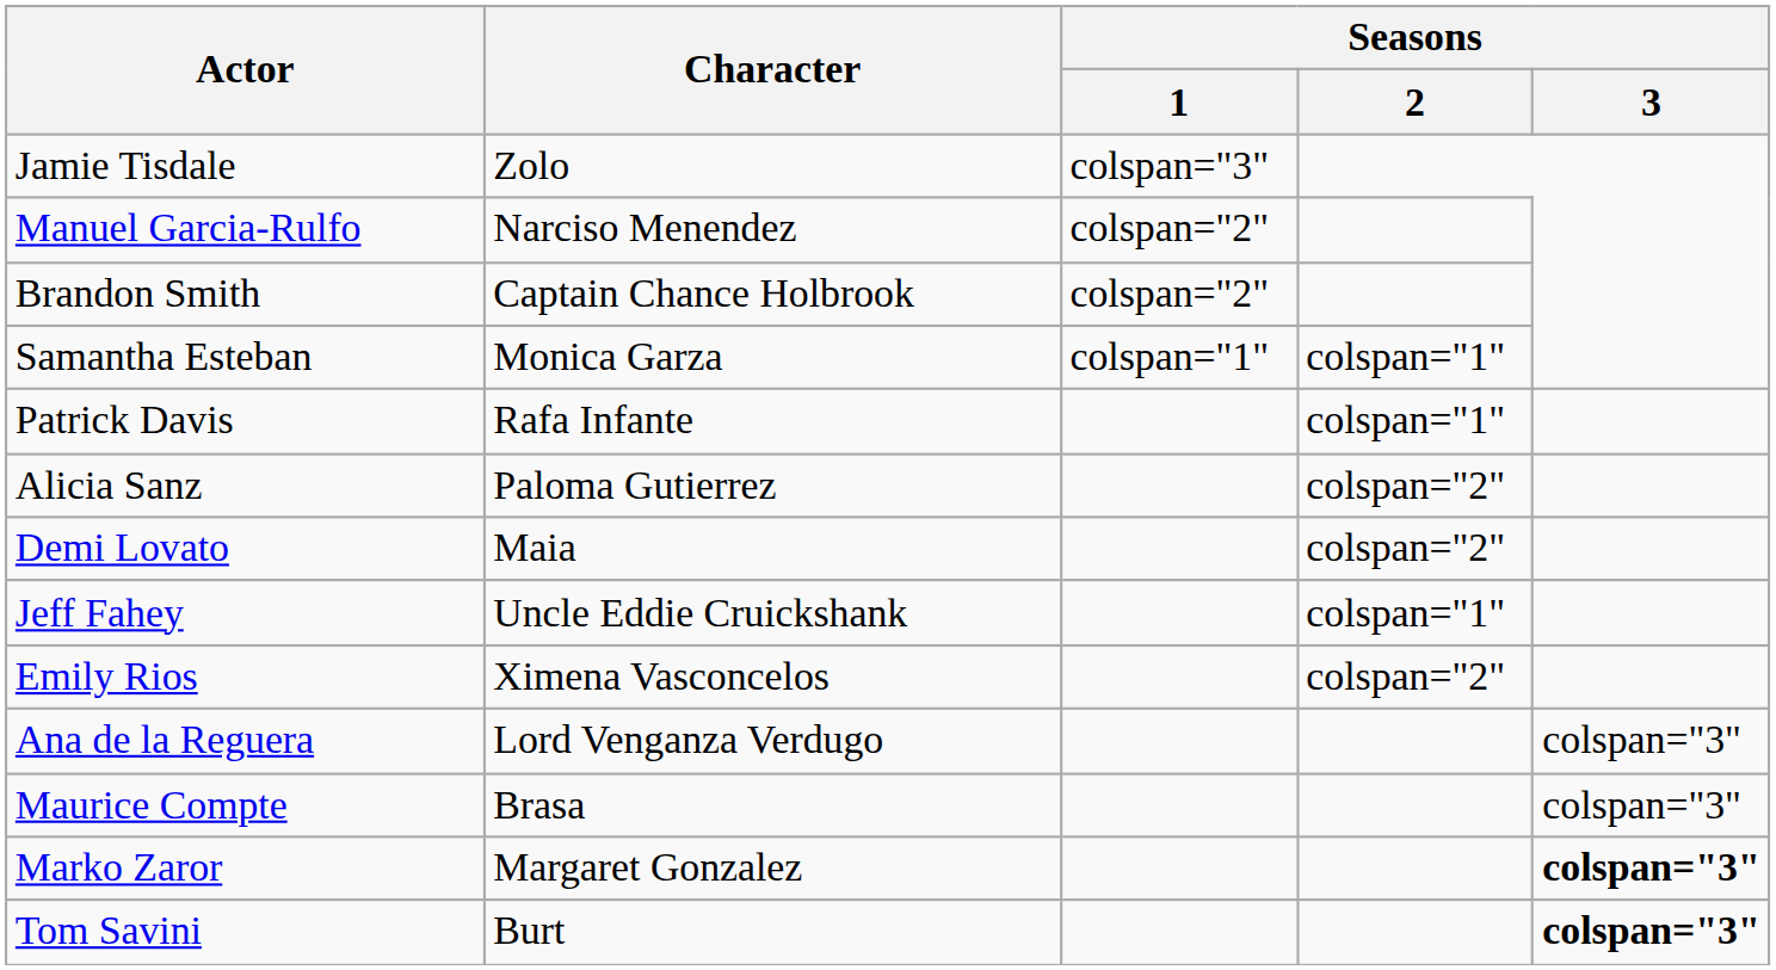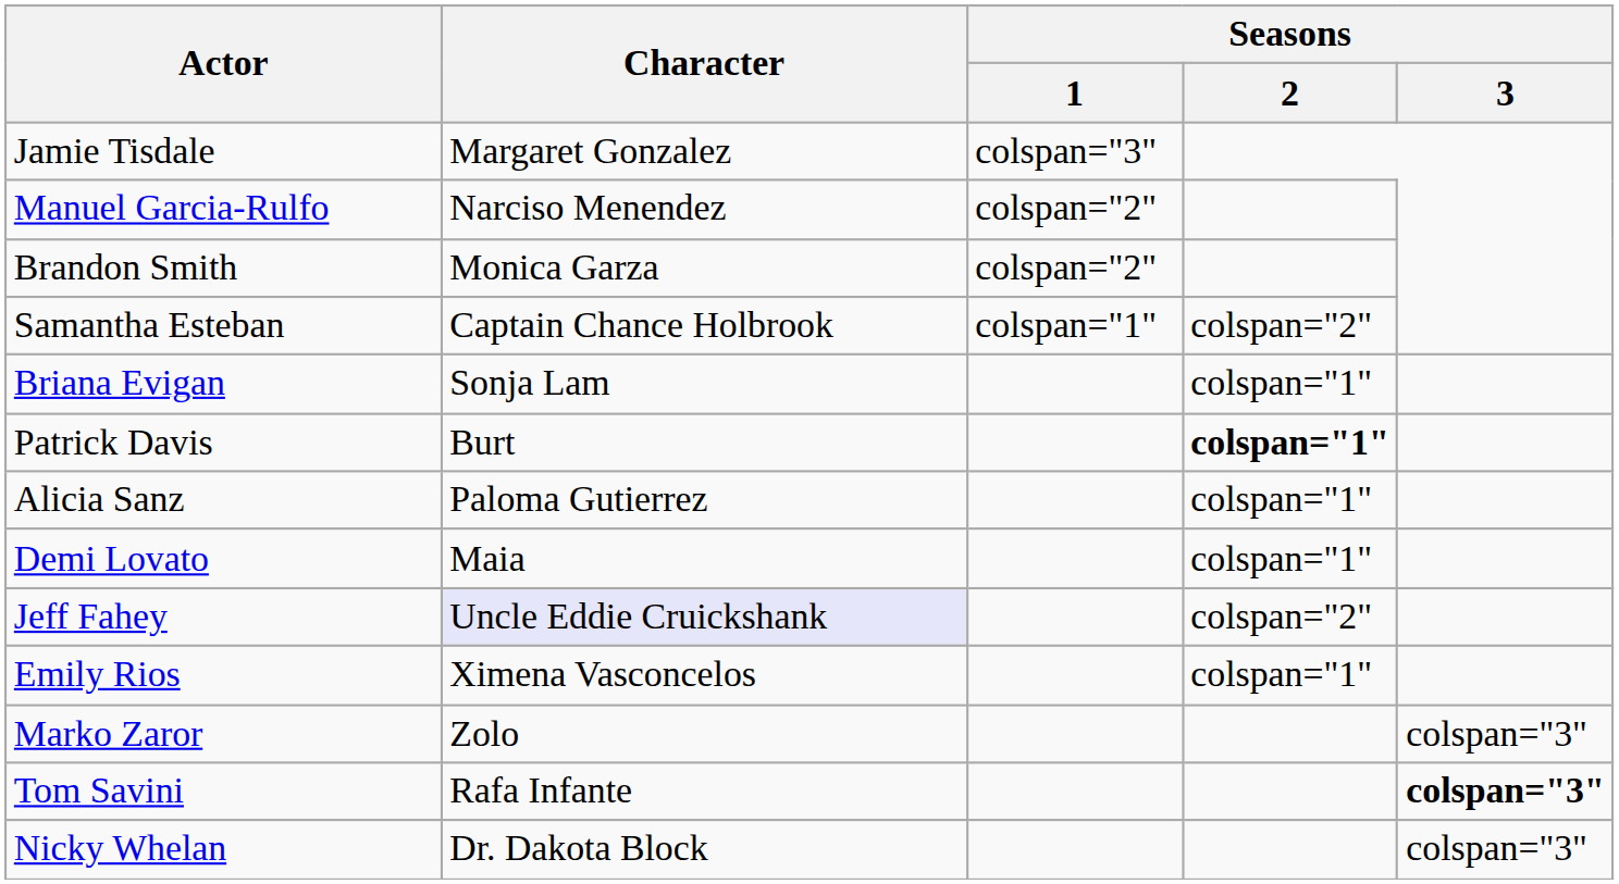 <table class="wikitable">
 <tr>
 <th rowspan="2">Actor</th>
 <th rowspan="2">Character</th>
 <th colspan="3">Seasons</th>
 </tr>
 <tr>
 <th style="width:13.40%;">1</th>
 <th style="width:13.40%;">2</th>
 <th style="width:13.40%;">3</th>
 </tr>
 <tr>
 <td>Jamie Tisdale</td>
-<td>Zolo</td>
+<td>Margaret Gonzalez</td>
 <td>colspan="3" </td>
 </tr>
 <tr>
 <td><a href='#'>Manuel Garcia-Rulfo</a></td>
 <td>Narciso Menendez</td>
 <td>colspan="2" </td>
 <td></td>
 </tr>
 <tr>
 <td>Brandon Smith</td>
-<td>Captain Chance Holbrook</td>
+<td>Monica Garza</td>
 <td>colspan="2" </td>
 <td></td>
 </tr>
 <tr>
 <td>Samantha Esteban</td>
-<td>Monica Garza</td>
+<td>Captain Chance Holbrook</td>
 <td>colspan="1" </td>
+<td>colspan="2" </td>
+</tr>
+<tr>
+<td><a href='#'>Briana Evigan</a></td>
+<td>Sonja Lam</td>
+<td></td>
 <td>colspan="1" </td>
+<td></td>
 </tr>
 <tr>
 <td>Patrick Davis</td>
-<td>Rafa Infante</td>
+<td>Burt</td>
 <td></td>
-<td>colspan="1" </td>
+<td><strong>colspan="1" </strong></td>
 <td></td>
 </tr>
 <tr>
 <td>Alicia Sanz</td>
 <td>Paloma Gutierrez</td>
 <td></td>
-<td>colspan="2" </td>
+<td>colspan="1" </td>
 <td></td>
 </tr>
 <tr>
 <td><a href='#'>Demi Lovato</a></td>
 <td>Maia</td>
 <td></td>
-<td>colspan="2" </td>
+<td>colspan="1" </td>
 <td></td>
 </tr>
 <tr>
 <td><a href='#'>Jeff Fahey</a></td>
-<td>Uncle Eddie Cruickshank</td>
+<td style="background: lavender;">Uncle Eddie Cruickshank</td>
 <td></td>
-<td>colspan="1" </td>
+<td>colspan="2" </td>
 <td></td>
 </tr>
 <tr>
 <td><a href='#'>Emily Rios</a></td>
 <td>Ximena Vasconcelos</td>
 <td></td>
-<td>colspan="2" </td>
+<td>colspan="1" </td>
 </tr>
 <tr>
-<td><a href='#'>Ana de la Reguera</a></td>
-<td>Lord Venganza Verdugo</td>
+<td><a href='#'>Marko Zaror</a></td>
+<td>Zolo</td>
 <td></td>
 <td></td>
 <td>colspan="3" </td>
 </tr>
 <tr>
-<td><a href='#'>Maurice Compte</a></td>
-<td>Brasa</td>
+<td><a href='#'>Tom Savini</a></td>
+<td>Rafa Infante</td>
+<td></td>
+<td></td>
+<td><strong>colspan="3" </strong></td>
+</tr>
+<tr>
+<td><a href='#'>Nicky Whelan</a></td>
+<td>Dr. Dakota Block</td>
 <td></td>
 <td></td>
 <td>colspan="3" </td>
 </tr>
 <tr>
-<td><a href='#'>Marko Zaror</a></td>
-<td>Margaret Gonzalez</td>
-<td></td>
-<td></td>
-<td><strong>colspan="3" </strong></td>
-</tr>
-<tr>
-<td><a href='#'>Tom Savini</a></td>
-<td>Burt</td>
-<td></td>
-<td></td>
-<td><strong>colspan="3" </strong></td>
-</tr>
-<tr>
 </tr>
 </table>
